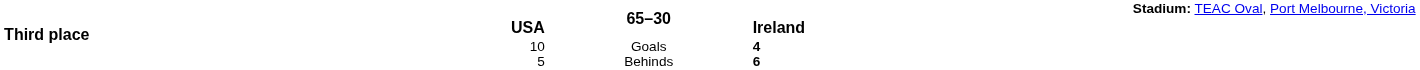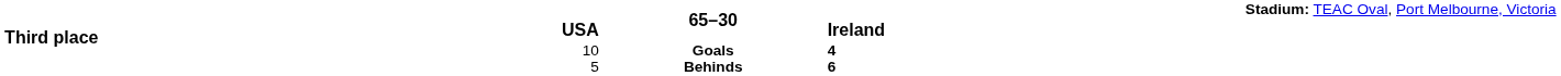 <table style="width: 100%; background: transparent;" cellspacing="0">
 <tr>
 <td align=center valign=center rowspan=3 width=15%><strong>Third place</strong></td>
 </tr>
 <tr>
 <td width=24% align=right><br><strong>USA</strong></td>
 <td align=center width=13%><strong>65–30</strong></td>
 <td width=24%><br><strong>Ireland</strong></td>
 <td style=font-size:85% rowspan=2 valign=top><strong>Stadium:</strong> <a href='#'>TEAC Oval</a>, <a href='#'>Port Melbourne, Victoria</a></td>
 </tr>
 <tr style=font-size:85%>
 <td align=right valign=top>10<br> 5</td>
-<td align=center valign=top>Goals <br>Behinds</td>
+<td align=center valign=top><strong>Goals <br>Behinds</strong></td>
 <td valign=top><strong>4<br> 6</strong></td>
 </tr>
 </table>
